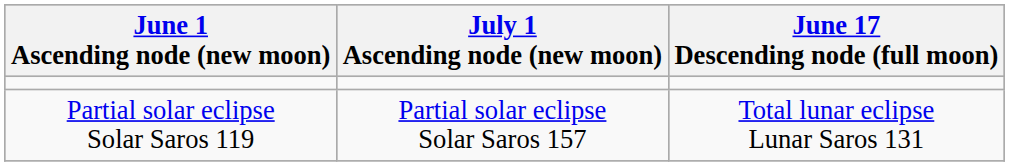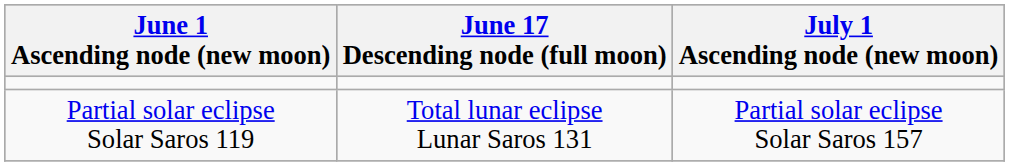 <table class="wikitable">
 <tr>
 <th><a href='#'>June 1</a><br>Ascending node (new moon)<br></th>
+<th><a href='#'>June 17</a><br>Descending node (full moon)<br></th>
 <th><a href='#'>July 1</a><br>Ascending node (new moon)<br></th>
-<th><a href='#'>June 17</a><br>Descending node (full moon)<br></th>
 </tr>
 <tr>
 <td></td>
 <td></td>
 <td></td>
 </tr>
 <tr align=center>
 <td><a href='#'>Partial solar eclipse</a><br>Solar Saros 119</td>
+<td><a href='#'>Total lunar eclipse</a><br>Lunar Saros 131</td>
 <td><a href='#'>Partial solar eclipse</a><br>Solar Saros 157</td>
-<td><a href='#'>Total lunar eclipse</a><br>Lunar Saros 131</td>
 </tr>
 </table>
